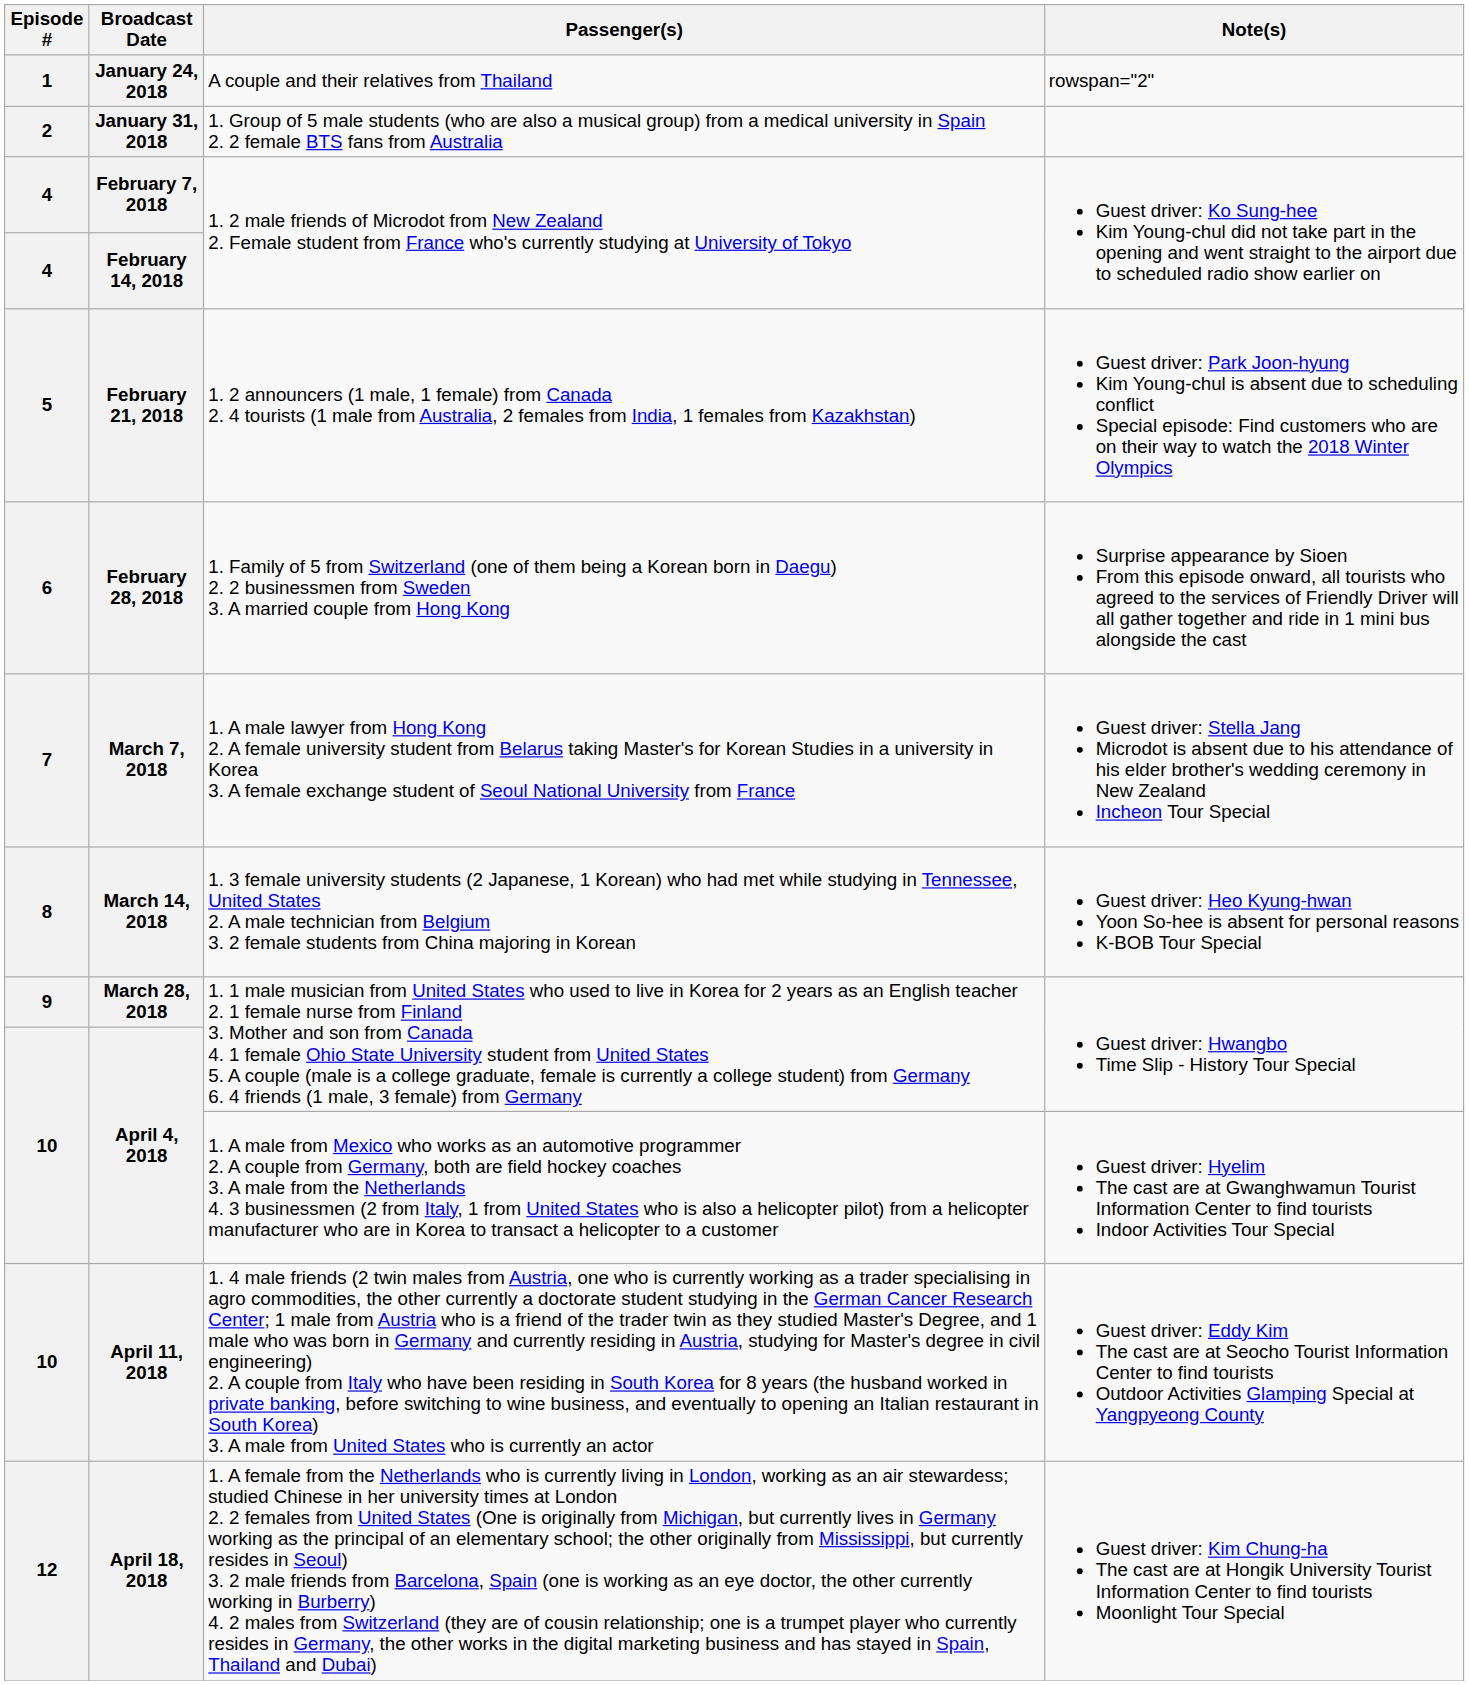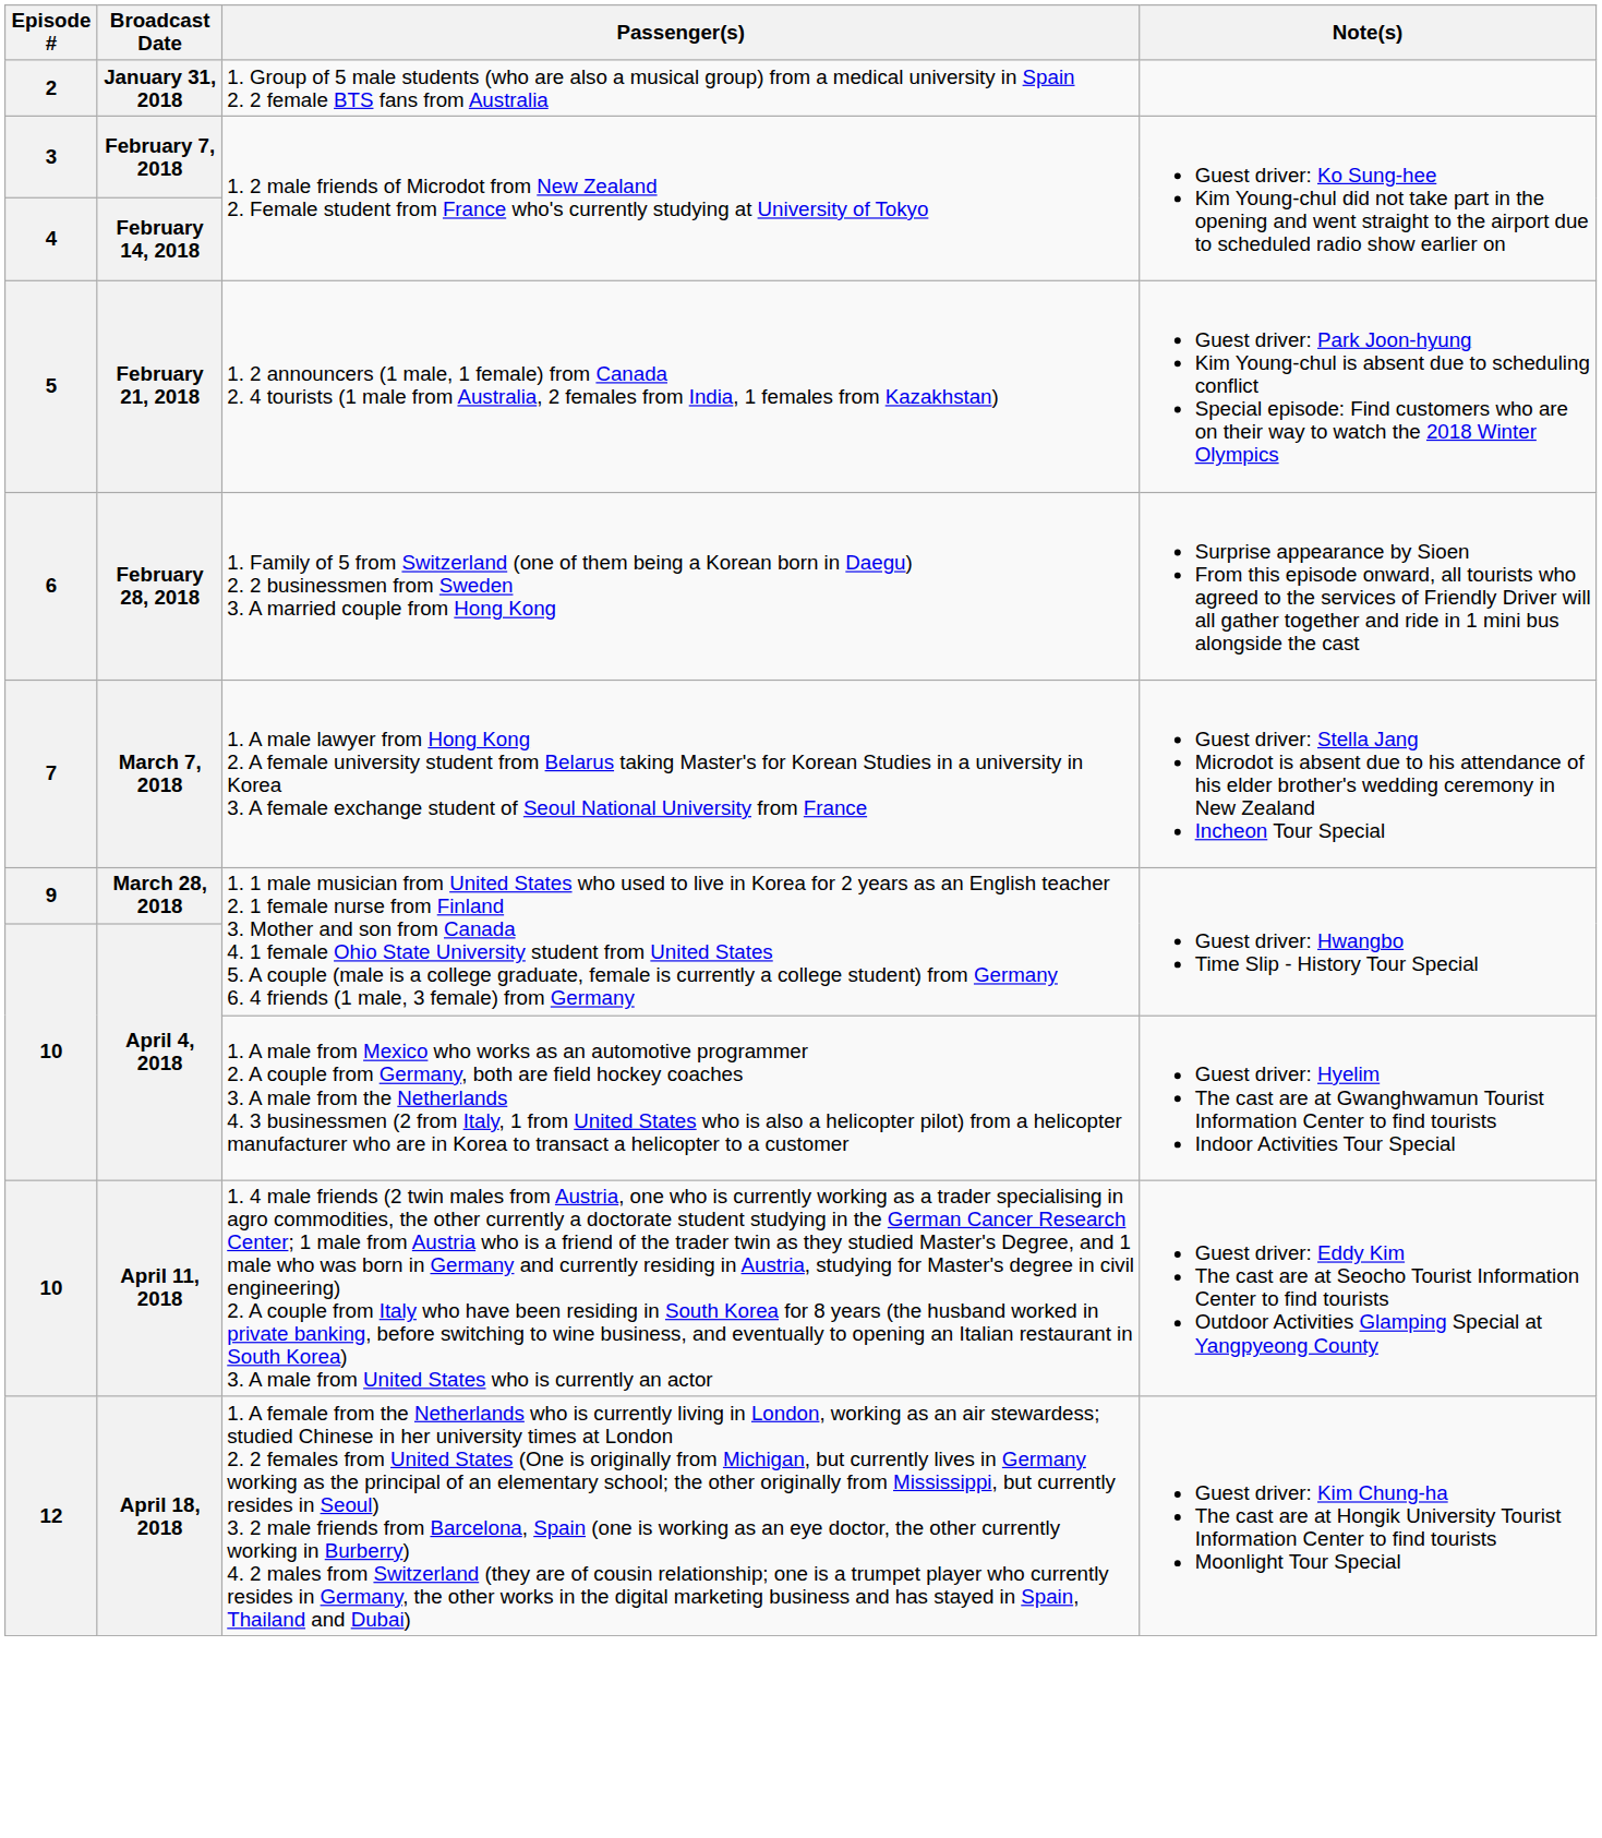 <table Class ="wikitable sortable">
 <tr>
 <th>Episode #</th>
 <th>Broadcast Date</th>
 <th>Passenger(s)</th>
 <th>Note(s)</th>
 </tr>
 <tr>
-<th>1</th>
-<th>January 24, 2018</th>
-<td>A couple and their relatives from <a href='#'>Thailand</a></td>
-<td>rowspan="2" </td>
-</tr>
-<tr>
 <th>2</th>
 <th>January 31, 2018</th>
 <td>1. Group of 5 male students (who are also a musical group) from a medical university in <a href='#'>Spain</a><br>2. 2 female <a href='#'>BTS</a> fans from <a href='#'>Australia</a></td>
 </tr>
 <tr>
-<th>4</th>
+<th>3</th>
 <th>February 7, 2018</th>
 <td rowspan="2">1. 2 male friends of Microdot from <a href='#'>New Zealand</a><br>2. Female student from <a href='#'>France</a> who's currently studying at <a href='#'>University of Tokyo</a></td>
 <td rowspan="2"><br><ul><li>Guest driver: <a href='#'>Ko Sung-hee</a></li><li>Kim Young-chul did not take part in the opening and went straight to the airport due to scheduled radio show earlier on</li></ul></td>
 </tr>
 <tr>
 <th>4</th>
 <th>February 14, 2018</th>
 </tr>
 <tr>
 <th>5</th>
 <th>February 21, 2018</th>
 <td>1. 2 announcers (1 male, 1 female) from <a href='#'>Canada</a><br>2. 4 tourists (1 male from <a href='#'>Australia</a>, 2 females from <a href='#'>India</a>, 1 females from <a href='#'>Kazakhstan</a>)</td>
 <td><br><ul><li>Guest driver: <a href='#'>Park Joon-hyung</a></li><li>Kim Young-chul is absent due to scheduling conflict</li><li>Special episode: Find customers who are on their way to watch the <a href='#'>2018 Winter Olympics</a></li></ul></td>
 </tr>
 <tr>
 <th>6</th>
 <th>February 28, 2018</th>
 <td>1. Family of 5 from <a href='#'>Switzerland</a> (one of them being a Korean born in <a href='#'>Daegu</a>)<br>2. 2 businessmen from <a href='#'>Sweden</a><br>3. A married couple from <a href='#'>Hong Kong</a></td>
 <td><br><ul><li>Surprise appearance by Sioen</li><li>From this episode onward, all tourists who agreed to the services of Friendly Driver will all gather together and ride in 1 mini bus alongside the cast</li></ul></td>
 </tr>
 <tr>
 <th>7</th>
 <th>March 7, 2018</th>
 <td>1. A male lawyer from <a href='#'>Hong Kong</a><br>2. A female university student from <a href='#'>Belarus</a> taking Master's for Korean Studies in a university in Korea<br>3. A female exchange student of <a href='#'>Seoul National University</a> from <a href='#'>France</a></td>
 <td><br><ul><li>Guest driver: <a href='#'>Stella Jang</a></li><li>Microdot is absent due to his attendance of his elder brother's wedding ceremony in New Zealand</li><li><a href='#'>Incheon</a> Tour Special</li></ul></td>
-</tr>
-<tr>
-<th>8</th>
-<th>March 14, 2018</th>
-<td>1. 3 female university students (2 Japanese, 1 Korean) who had met while studying in <a href='#'>Tennessee</a>, <a href='#'>United States</a><br>2. A male technician from <a href='#'>Belgium</a><br>3. 2 female students from China majoring in Korean</td>
-<td><br><ul><li>Guest driver: <a href='#'>Heo Kyung-hwan</a></li><li>Yoon So-hee is absent for personal reasons</li><li>K-BOB Tour Special</li></ul></td>
 </tr>
 <tr>
 <th>9</th>
 <th>March 28, 2018</th>
 <td rowspan="2">1. 1 male musician from <a href='#'>United States</a> who used to live in Korea for 2 years as an English teacher<br>2. 1 female nurse from <a href='#'>Finland</a><br>3. Mother and son from <a href='#'>Canada</a><br>4. 1 female <a href='#'>Ohio State University</a> student from <a href='#'>United States</a><br>5. A couple (male is a college graduate, female is currently a college student) from <a href='#'>Germany</a><br>6. 4 friends (1 male, 3 female) from <a href='#'>Germany</a></td>
 <td rowspan="2"><br><ul><li>Guest driver: <a href='#'>Hwangbo</a></li><li>Time Slip - History Tour Special</li></ul></td>
 </tr>
 <tr>
 <th rowspan="2">10</th>
 <th rowspan="2">April 4, 2018</th>
 </tr>
 <tr>
 <td>1. A male from <a href='#'>Mexico</a> who works as an automotive programmer<br>2. A couple from <a href='#'>Germany</a>, both are field hockey coaches<br>3. A male from the <a href='#'>Netherlands</a><br>4. 3 businessmen (2 from <a href='#'>Italy</a>, 1 from <a href='#'>United States</a> who is also a helicopter pilot) from a helicopter manufacturer who are in Korea to transact a helicopter to a customer</td>
 <td><br><ul><li>Guest driver: <a href='#'>Hyelim</a></li><li>The cast are at Gwanghwamun Tourist Information Center to find tourists</li><li>Indoor Activities Tour Special</li></ul></td>
 </tr>
 <tr>
 <th>10</th>
 <th>April 11, 2018</th>
 <td>1. 4 male friends (2 twin males from <a href='#'>Austria</a>, one who is currently working as a trader specialising in agro commodities, the other currently a doctorate student studying in the <a href='#'>German Cancer Research Center</a>; 1 male from <a href='#'>Austria</a> who is a friend of the trader twin as they studied Master's Degree, and 1 male who was born in <a href='#'>Germany</a> and currently residing in <a href='#'>Austria</a>, studying for Master's degree in civil engineering)<br>2. A couple from <a href='#'>Italy</a> who have been residing in <a href='#'>South Korea</a> for 8 years (the husband worked in <a href='#'>private banking</a>, before switching to wine business, and eventually to opening an Italian restaurant in <a href='#'>South Korea</a>)<br>3. A male from <a href='#'>United States</a> who is currently an actor</td>
 <td><br><ul><li>Guest driver: <a href='#'>Eddy Kim</a></li><li>The cast are at Seocho Tourist Information Center to find tourists</li><li>Outdoor Activities <a href='#'>Glamping</a> Special at <a href='#'>Yangpyeong County</a></li></ul></td>
 </tr>
 <tr>
 <th>12</th>
 <th>April 18, 2018</th>
 <td>1. A female from the <a href='#'>Netherlands</a> who is currently living in <a href='#'>London</a>, working as an air stewardess; studied Chinese in her university times at London<br>2. 2 females from <a href='#'>United States</a> (One is originally from <a href='#'>Michigan</a>, but currently lives in <a href='#'>Germany</a> working as the principal of an elementary school; the other originally from <a href='#'>Mississippi</a>, but currently resides in <a href='#'>Seoul</a>)<br>3. 2 male friends from <a href='#'>Barcelona</a>, <a href='#'>Spain</a> (one is working as an eye doctor, the other currently working in <a href='#'>Burberry</a>)<br>4. 2 males from <a href='#'>Switzerland</a> (they are of cousin relationship; one is a trumpet player who currently resides in <a href='#'>Germany</a>, the other works in the digital marketing business and has stayed in <a href='#'>Spain</a>, <a href='#'>Thailand</a> and <a href='#'>Dubai</a>)</td>
 <td><br><ul><li>Guest driver: <a href='#'>Kim Chung-ha</a></li><li>The cast are at Hongik University Tourist Information Center to find tourists</li><li>Moonlight Tour Special</li></ul></td>
 </tr>
 <tr>
 </tr>
 </table>
